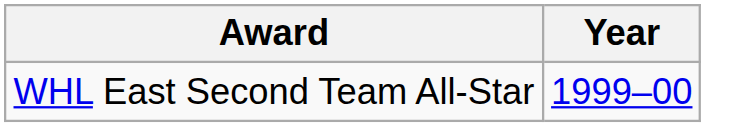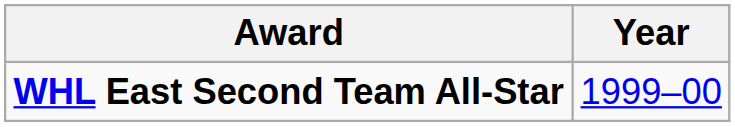 <table class="wikitable">
 <tr>
 <th>Award</th>
 <th>Year</th>
 </tr>
 <tr>
-<td><a href='#'>WHL</a> East Second Team All-Star</td>
+<td><strong><a href='#'>WHL</a> East Second Team All-Star</strong></td>
 <td><a href='#'>1999–00</a></td>
 </tr>
 </table>
